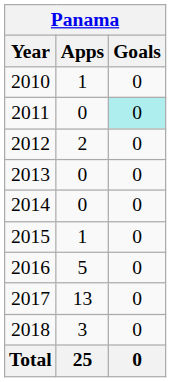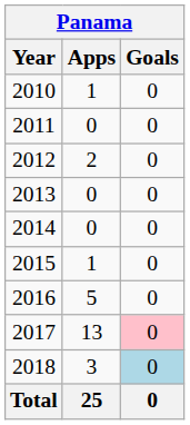 <table class="wikitable" style="text-align:center">
 <tr>
 <th colspan=3><a href='#'>Panama</a></th>
 </tr>
 <tr>
 <th>Year</th>
 <th>Apps</th>
 <th>Goals</th>
 </tr>
 <tr>
 <td>2010</td>
 <td>1</td>
 <td>0</td>
 </tr>
 <tr>
 <td>2011</td>
 <td>0</td>
-<td style="background: paleturquoise;">0</td>
+<td>0</td>
 </tr>
 <tr>
 <td>2012</td>
 <td>2</td>
 <td>0</td>
 </tr>
 <tr>
 <td>2013</td>
 <td>0</td>
 <td>0</td>
 </tr>
 <tr>
 <td>2014</td>
 <td>0</td>
 <td>0</td>
 </tr>
 <tr>
 <td>2015</td>
 <td>1</td>
 <td>0</td>
 </tr>
 <tr>
 <td>2016</td>
 <td>5</td>
 <td>0</td>
 </tr>
 <tr>
 <td>2017</td>
 <td>13</td>
-<td>0</td>
+<td style="background: pink;">0</td>
 </tr>
 <tr>
 <td>2018</td>
 <td>3</td>
-<td>0</td>
+<td style="background: lightblue;">0</td>
 </tr>
 <tr>
 <th>Total</th>
 <th>25</th>
 <th>0</th>
 </tr>
 </table>
